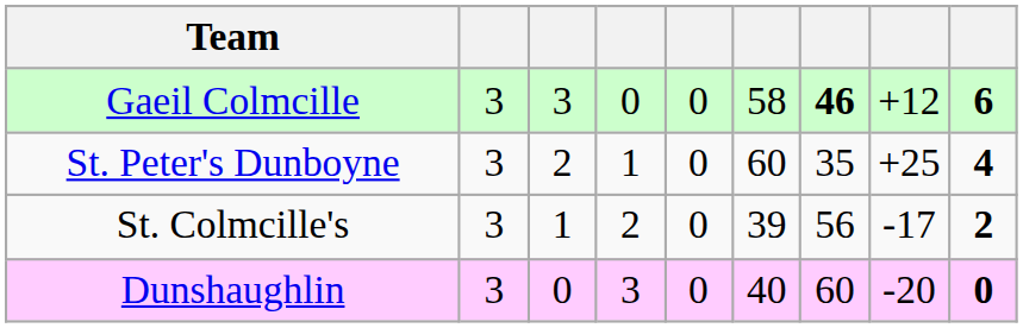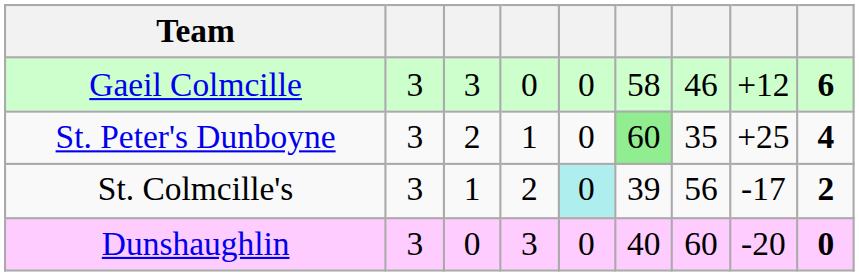 <table class="wikitable" style="text-align:center">
 <tr>
 <th style="width:175px;">Team</th>
 <th width="20"></th>
 <th width="20"></th>
 <th width="20"></th>
 <th width="20"></th>
 <th width="20"></th>
 <th width="20"></th>
 <th width="20"></th>
 <th width="20"></th>
 </tr>
 <tr style="background:#cfc;">
 <td><a href='#'>Gaeil Colmcille</a></td>
 <td>3</td>
 <td>3</td>
 <td>0</td>
 <td>0</td>
 <td>58</td>
-<td><strong>46</strong></td>
+<td>46</td>
 <td>+12</td>
 <td><strong>6</strong></td>
 </tr>
 <tr>
 <td><a href='#'>St. Peter's Dunboyne</a></td>
 <td>3</td>
 <td>2</td>
 <td>1</td>
 <td>0</td>
-<td>60</td>
+<td style="background: lightgreen;">60</td>
 <td>35</td>
 <td>+25</td>
 <td><strong>4</strong></td>
 </tr>
 <tr>
 <td>St. Colmcille's</td>
 <td>3</td>
 <td>1</td>
 <td>2</td>
-<td>0</td>
+<td style="background: paleturquoise;">0</td>
 <td>39</td>
 <td>56</td>
 <td>-17</td>
 <td><strong>2</strong></td>
 </tr>
 <tr style="background:#fcf;">
 <td><a href='#'>Dunshaughlin</a></td>
 <td>3</td>
 <td>0</td>
 <td>3</td>
 <td>0</td>
 <td>40</td>
 <td>60</td>
 <td>-20</td>
 <td><strong>0</strong></td>
 </tr>
 </table>
